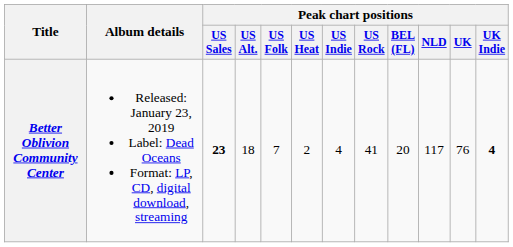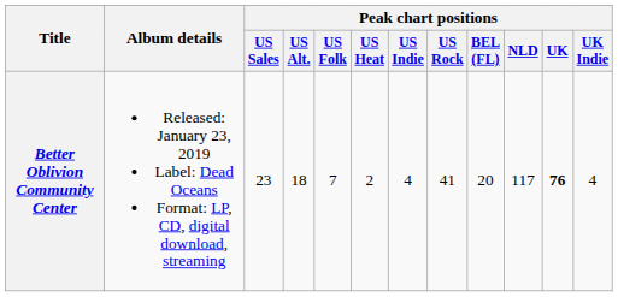 <table class="wikitable plainrowheaders" style="text-align:center;">
 <tr>
 <th rowspan="2" scope="col" style="width:10em;">Title</th>
 <th rowspan="2" scope="col" style="width:16em;">Album details</th>
 <th colspan="10" scope="col">Peak chart positions</th>
 </tr>
 <tr>
 <th scope="col" style="width:2.5em;font-size:90%;"><a href='#'>US<br>Sales</a><br></th>
 <th scope="col" style="width:2.5em;font-size:90%;"><a href='#'>US<br>Alt.</a><br></th>
 <th scope="col" style="width:2.5em;font-size:90%;"><a href='#'>US<br>Folk</a><br></th>
 <th scope="col" style="width:2.5em;font-size:90%;"><a href='#'>US<br>Heat</a><br></th>
 <th scope="col" style="width:2.5em;font-size:90%;"><a href='#'>US<br>Indie</a><br></th>
 <th scope="col" style="width:2.5em;font-size:90%;"><a href='#'>US<br>Rock</a><br></th>
 <th scope="col" style="width:2.5em;font-size:90%;"><a href='#'>BEL<br>(FL)</a><br></th>
 <th scope="col" style="width:2.5em;font-size:90%;"><a href='#'>NLD</a><br></th>
 <th scope="col" style="width:2.5em;font-size:90%;"><a href='#'>UK</a><br></th>
 <th scope="col" style="width:2.5em;font-size:90%;"><a href='#'>UK<br>Indie</a><br></th>
 </tr>
 <tr>
 <th scope="row"><em><a href='#'>Better Oblivion Community Center</a></em></th>
 <td><br><ul><li>Released: January 23, 2019</li><li>Label: <a href='#'>Dead Oceans</a></li><li>Format: <a href='#'>LP</a>, <a href='#'>CD</a>, <a href='#'>digital download</a>, <a href='#'>streaming</a></li></ul></td>
-<td><strong>23</strong></td>
+<td>23</td>
 <td>18</td>
 <td>7</td>
 <td>2</td>
 <td>4</td>
 <td>41</td>
 <td>20</td>
 <td>117</td>
-<td>76</td>
-<td><strong>4</strong></td>
+<td><strong>76</strong></td>
+<td>4</td>
 </tr>
 </table>
